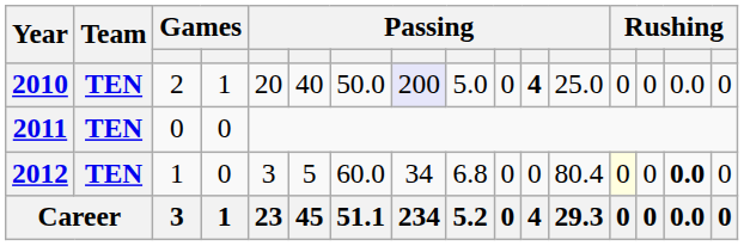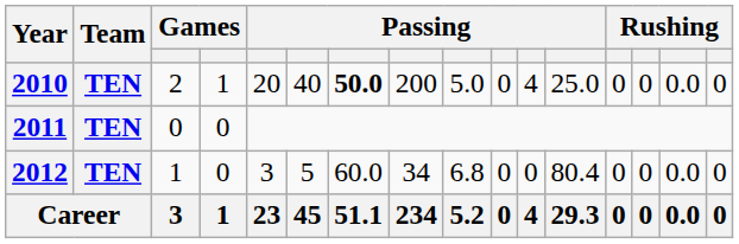 <table class="wikitable" style="text-align:center;">
 <tr>
 <th rowspan="2">Year</th>
 <th rowspan="2">Team</th>
 <th colspan="2">Games</th>
 <th colspan="8">Passing</th>
 <th colspan="4">Rushing</th>
 </tr>
 <tr>
 <th></th>
 <th></th>
 <th></th>
 <th></th>
 <th></th>
 <th></th>
 <th></th>
 <th></th>
 <th></th>
 <th></th>
 <th></th>
 <th></th>
 <th></th>
 <th></th>
 </tr>
 <tr>
 <th><a href='#'>2010</a></th>
 <th><a href='#'>TEN</a></th>
 <td>2</td>
 <td>1</td>
 <td>20</td>
 <td>40</td>
-<td>50.0</td>
-<td style="background: lavender;">200</td>
+<td><strong>50.0</strong></td>
+<td>200</td>
 <td>5.0</td>
 <td>0</td>
-<td><strong>4</strong></td>
+<td>4</td>
 <td>25.0</td>
 <td>0</td>
 <td>0</td>
 <td>0.0</td>
 <td>0</td>
 </tr>
 <tr>
 <th><a href='#'>2011</a></th>
 <th><a href='#'>TEN</a></th>
 <td>0</td>
 <td>0</td>
 <td colspan="12"></td>
 </tr>
 <tr>
 <th><a href='#'>2012</a></th>
 <th><a href='#'>TEN</a></th>
 <td>1</td>
 <td>0</td>
 <td>3</td>
 <td>5</td>
 <td>60.0</td>
 <td>34</td>
 <td>6.8</td>
 <td>0</td>
 <td>0</td>
 <td>80.4</td>
-<td style="background: lightyellow;">0</td>
 <td>0</td>
-<td><strong>0.0</strong></td>
+<td>0</td>
+<td>0.0</td>
 <td>0</td>
 </tr>
 <tr>
 <th colspan="2">Career</th>
 <th>3</th>
 <th>1</th>
 <th>23</th>
 <th>45</th>
 <th>51.1</th>
 <th>234</th>
 <th>5.2</th>
 <th>0</th>
 <th>4</th>
 <th>29.3</th>
 <th>0</th>
 <th>0</th>
 <th>0.0</th>
 <th>0</th>
 </tr>
 </table>
